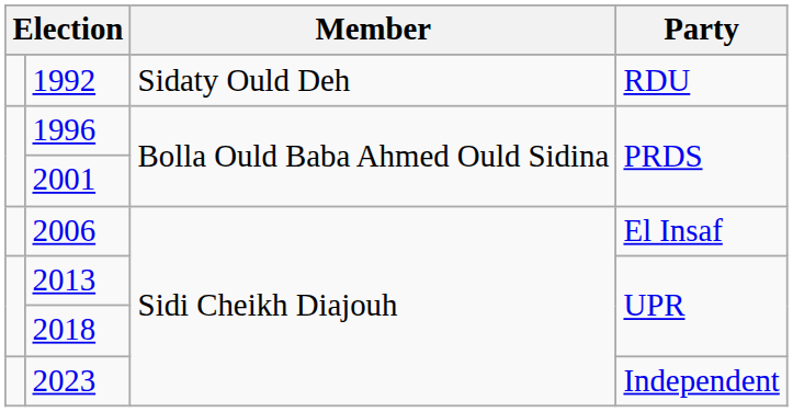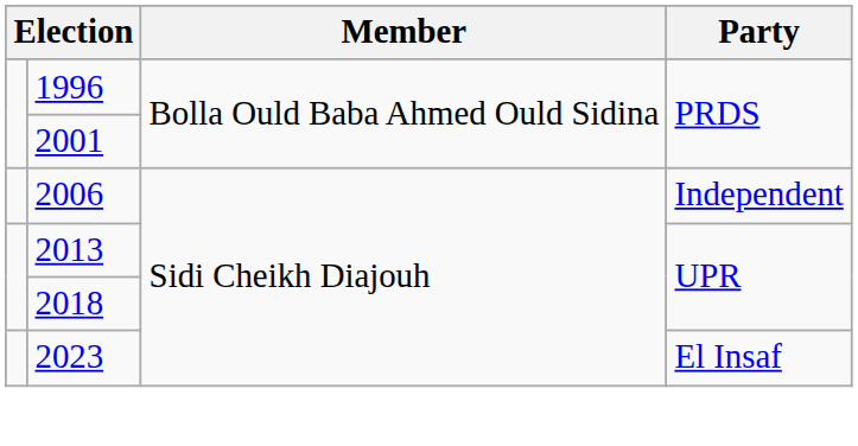 <table class="wikitable">
 <tr>
 <th colspan="2">Election</th>
 <th>Member</th>
 <th>Party</th>
-</tr>
-<tr>
-<td style="color:inherit;background:"></td>
-<td><a href='#'>1992</a></td>
-<td>Sidaty Ould Deh</td>
-<td><a href='#'>RDU</a></td>
 </tr>
 <tr>
 <td rowspan=2 style="color:inherit;background:"></td>
 <td><a href='#'>1996</a></td>
 <td rowspan=2>Bolla Ould Baba Ahmed Ould Sidina</td>
 <td rowspan=2><a href='#'>PRDS</a></td>
 </tr>
 <tr>
 <td><a href='#'>2001</a></td>
 </tr>
 <tr>
 <td style="color:inherit;background:"></td>
 <td><a href='#'>2006</a></td>
 <td rowspan=4>Sidi Cheikh Diajouh</td>
-<td><a href='#'>El Insaf</a></td>
+<td><a href='#'>Independent</a></td>
 </tr>
 <tr>
 <td rowspan=2 style="color:inherit;background:"></td>
 <td><a href='#'>2013</a></td>
 <td rowspan=2><a href='#'>UPR</a></td>
 </tr>
 <tr>
 <td><a href='#'>2018</a></td>
 </tr>
 <tr>
 <td style="color:inherit;background:"></td>
 <td><a href='#'>2023</a></td>
-<td><a href='#'>Independent</a></td>
+<td><a href='#'>El Insaf</a></td>
 </tr>
 </table>
